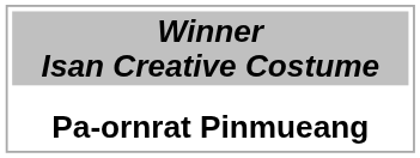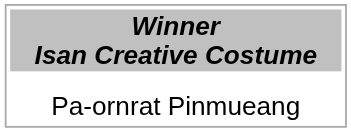 <table style="border-spacing: 2px; border: 1px solid darkgray; font-size: 90%; float:right;">
 <tr>
 <td width=180px align=center colspan=5 bgcolor=#C0C0C0><strong><em>Winner<br>Isan Creative Costume</em></strong></td>
 </tr>
 <tr>
 <td align=center></td>
 </tr>
 <tr>
 <td align=center><strong></strong></td>
 </tr>
 <tr>
-<td align=center><strong>Pa-ornrat Pinmueang</strong></td>
+<td align=center>Pa-ornrat Pinmueang</td>
 </tr>
 </table>
